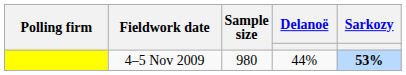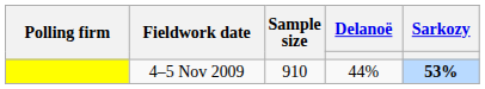 <table class="wikitable sortable" style="text-align:center;font-size:90%;line-height:14px;">
 <tr style="height:40px;">
 <th style="width:100px;" rowspan="2">Polling firm</th>
 <th style="width:110px;" rowspan="2">Fieldwork date</th>
 <th style="width:35px;" rowspan="2">Sample<br>size</th>
 <th class="unsortable" style="width:60px;"><a href='#'>Delanoë</a><br></th>
 <th class="unsortable" style="width:60px;"><a href='#'>Sarkozy</a><br></th>
 </tr>
 <tr>
 <th style="background:"></th>
 <th style="background:"></th>
 </tr>
 <tr>
 <td style="background:yellow;"></td>
 <td data-sort-value="2009-11-05">4–5 Nov 2009</td>
-<td>980</td>
+<td>910</td>
 <td>44%</td>
 <td style="background:#B9DAFF;"><strong>53%</strong></td>
 </tr>
 </table>
